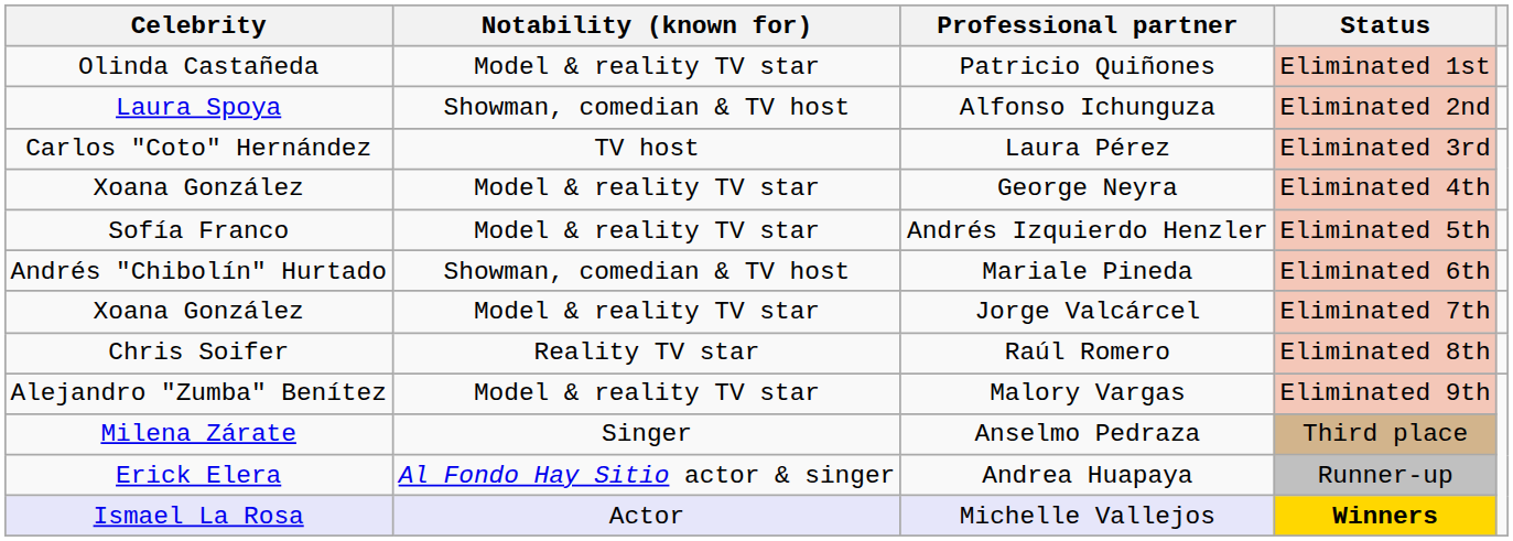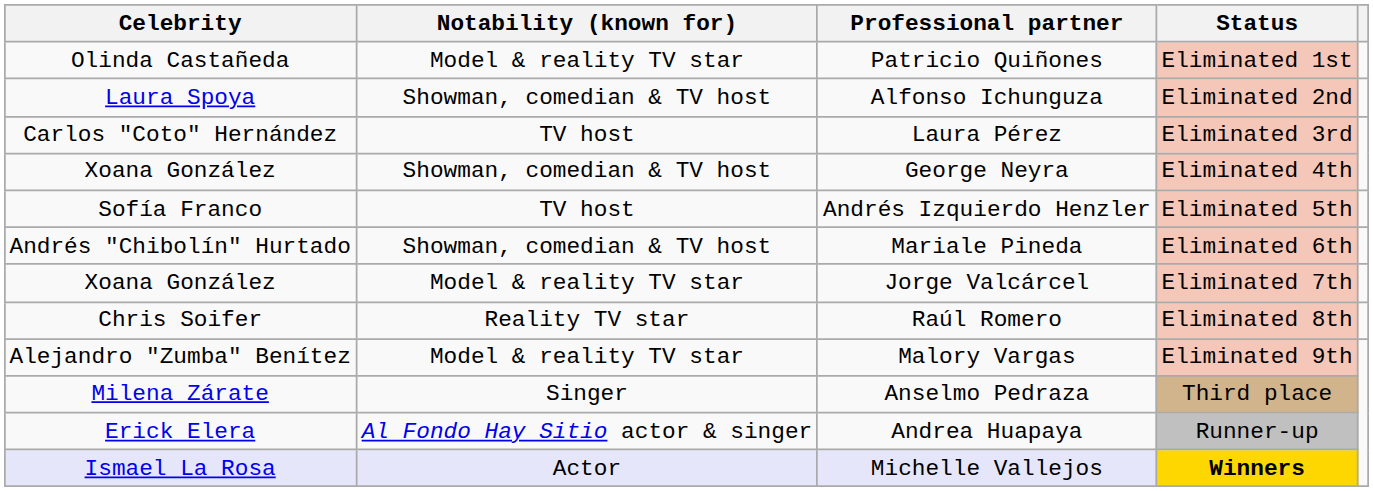 <table class= "wikitable sortable" style="text-align: center; margin:auto; align: center">
 <tr>
 <th>Celebrity</th>
 <th>Notability (known for)</th>
 <th>Professional partner</th>
 <th>Status</th>
 <th class="unsortable"></th>
 </tr>
 <tr>
 <td>Olinda Castañeda</td>
 <td>Model & reality TV star</td>
 <td>Patricio Quiñones</td>
 <td style="background:#f4c7b8">Eliminated 1st<br></td>
 <td></td>
 </tr>
 <tr>
 <td><a href='#'>Laura Spoya</a></td>
 <td>Showman, comedian & TV host</td>
 <td>Alfonso Ichunguza</td>
 <td style="background:#f4c7b8">Eliminated 2nd<br></td>
 <td></td>
 </tr>
 <tr>
 <td>Carlos "Coto" Hernández</td>
 <td>TV host</td>
 <td>Laura Pérez</td>
 <td style="background:#f4c7b8">Eliminated 3rd<br></td>
 <td rowspan=2></td>
 </tr>
 <tr>
 <td>Xoana González</td>
-<td>Model & reality TV star</td>
+<td>Showman, comedian & TV host</td>
 <td>George Neyra<br></td>
 <td style="background:#f4c7b8">Eliminated 4th<br></td>
 </tr>
 <tr>
 <td>Sofía Franco</td>
-<td>Model & reality TV star</td>
+<td>TV host</td>
 <td>Andrés Izquierdo Henzler</td>
 <td style="background:#f4c7b8">Eliminated 5th<br></td>
 <td></td>
 </tr>
 <tr>
 <td>Andrés "Chibolín" Hurtado</td>
 <td>Showman, comedian & TV host</td>
 <td>Mariale Pineda</td>
 <td style="background:#f4c7b8">Eliminated 6th<br></td>
 <td></td>
 </tr>
 <tr>
 <td>Xoana González</td>
 <td>Model & reality TV star</td>
 <td>Jorge Valcárcel</td>
 <td style="background:#f4c7b8">Eliminated 7th<br></td>
 <td></td>
 </tr>
 <tr>
 <td>Chris Soifer</td>
 <td>Reality TV star</td>
 <td>Raúl Romero</td>
 <td style="background:#f4c7b8">Eliminated 8th<br></td>
 <td></td>
 </tr>
 <tr>
 <td>Alejandro "Zumba" Benítez</td>
 <td>Model & reality TV star</td>
 <td>Malory Vargas</td>
 <td style="background:#f4c7b8">Eliminated 9th<br></td>
 <td rowspan=4></td>
 </tr>
 <tr>
 <td><a href='#'>Milena Zárate</a></td>
 <td>Singer</td>
 <td>Anselmo Pedraza</td>
 <td style="background:tan">Third place<br></td>
 </tr>
 <tr>
 <td><a href='#'>Erick Elera</a></td>
 <td><em><a href='#'>Al Fondo Hay Sitio</a></em> actor & singer</td>
 <td>Andrea Huapaya</td>
 <td style="background:silver">Runner-up<br></td>
 </tr>
 <tr>
 <td style="background:lavender;"><a href='#'>Ismael La Rosa</a></td>
 <td style="background:lavender;">Actor</td>
 <td style="background:lavender;">Michelle Vallejos</td>
 <td style="background:Gold;"><strong>Winners</strong><br></td>
 </tr>
 </table>
